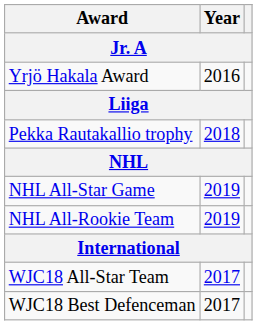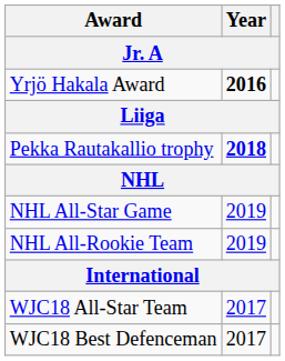 <table class="wikitable">
 <tr>
 <th>Award</th>
 <th>Year</th>
 <th></th>
 </tr>
 <tr>
 <th colspan="3"><a href='#'>Jr. A</a></th>
 </tr>
 <tr>
 <td><a href='#'>Yrjö Hakala</a> Award</td>
-<td>2016</td>
+<td><strong>2016</strong></td>
 <td></td>
 </tr>
 <tr>
 <th colspan="3"><a href='#'>Liiga</a></th>
 </tr>
 <tr>
 <td><a href='#'>Pekka Rautakallio trophy</a></td>
-<td><a href='#'>2018</a></td>
+<td><strong><a href='#'>2018</a></strong></td>
 <td></td>
 </tr>
 <tr>
 <th colspan="3"><a href='#'>NHL</a></th>
 </tr>
 <tr>
 <td><a href='#'>NHL All-Star Game</a></td>
 <td><a href='#'>2019</a></td>
 <td></td>
 </tr>
 <tr>
 <td><a href='#'>NHL All-Rookie Team</a></td>
 <td><a href='#'>2019</a></td>
 <td></td>
 </tr>
 <tr>
 <th colspan="3"><a href='#'>International</a></th>
 </tr>
 <tr>
 <td><a href='#'>WJC18</a> All-Star Team</td>
 <td><a href='#'>2017</a></td>
 <td></td>
 </tr>
 <tr>
 <td>WJC18 Best Defenceman</td>
 <td>2017</td>
 <td></td>
 </tr>
 </table>
